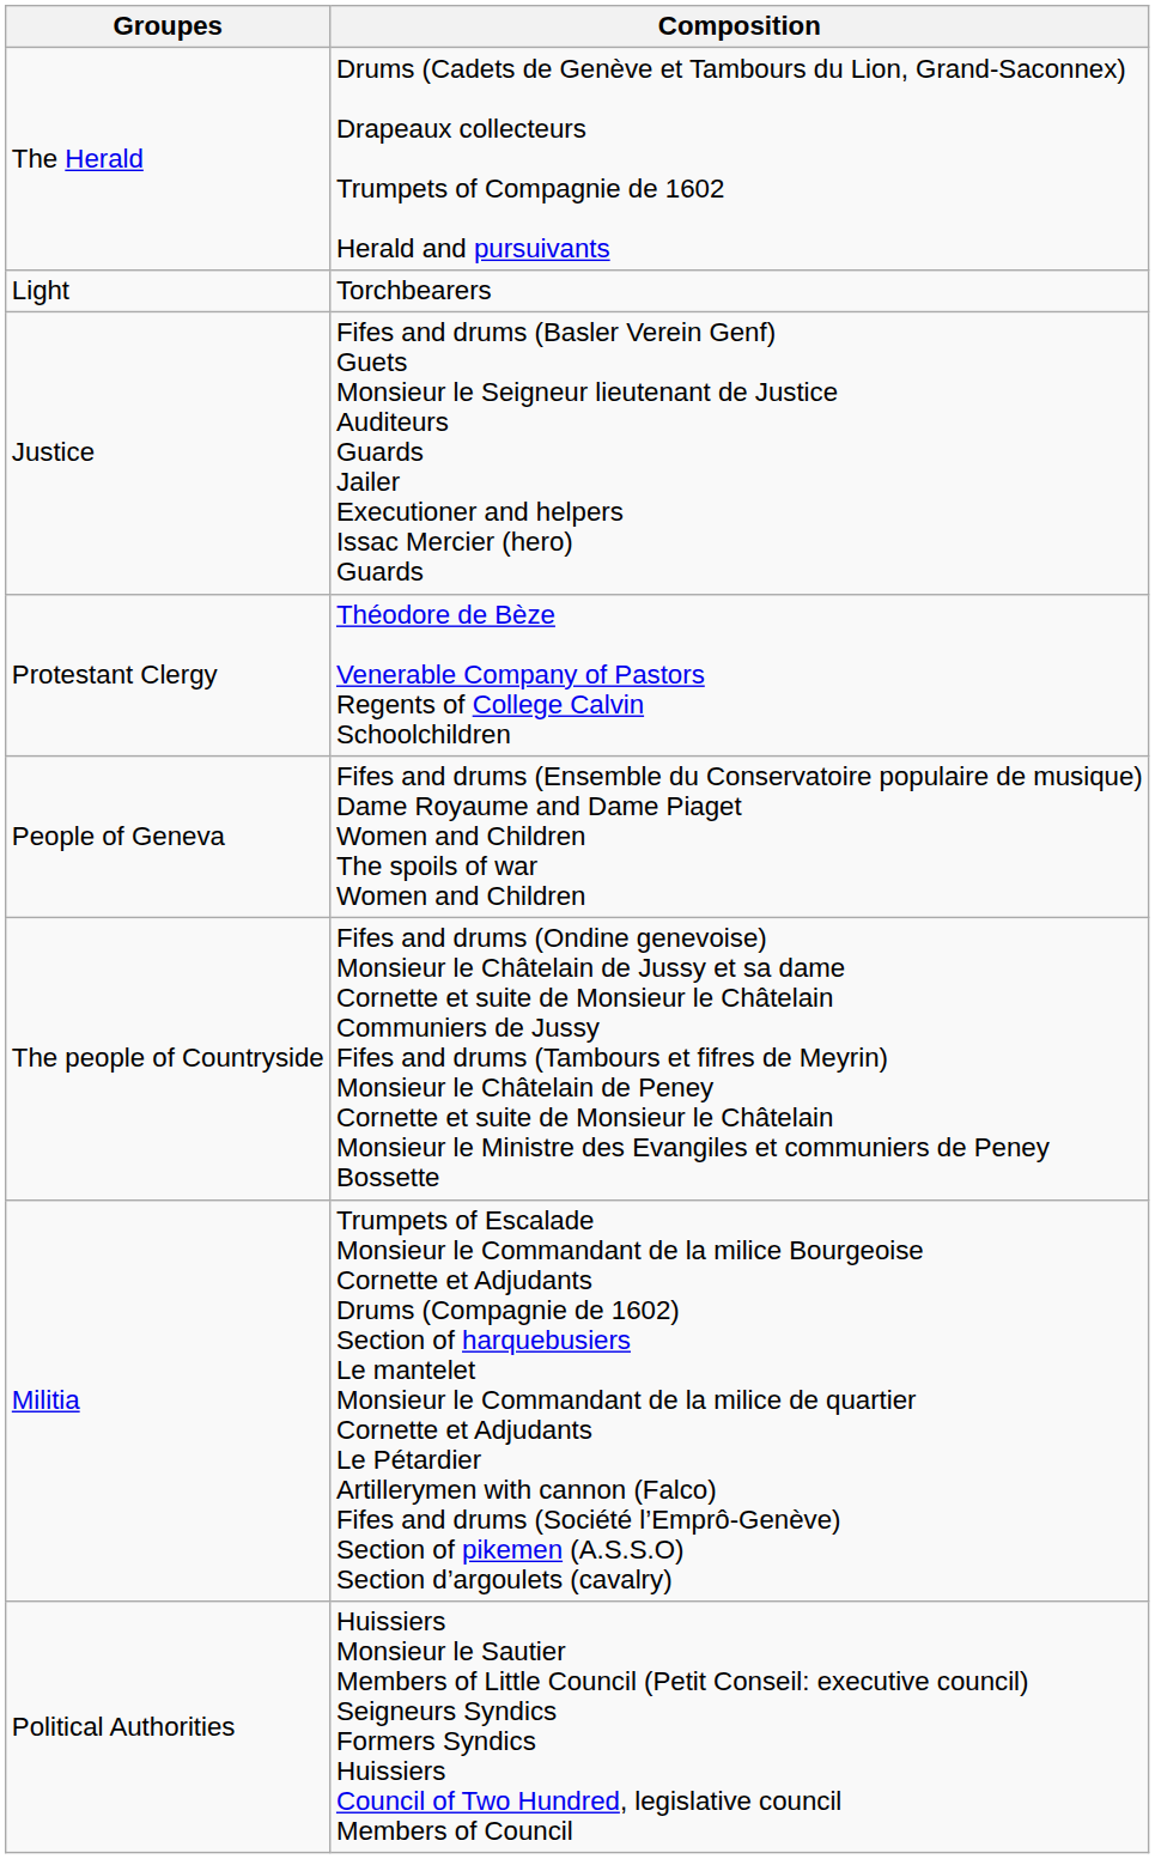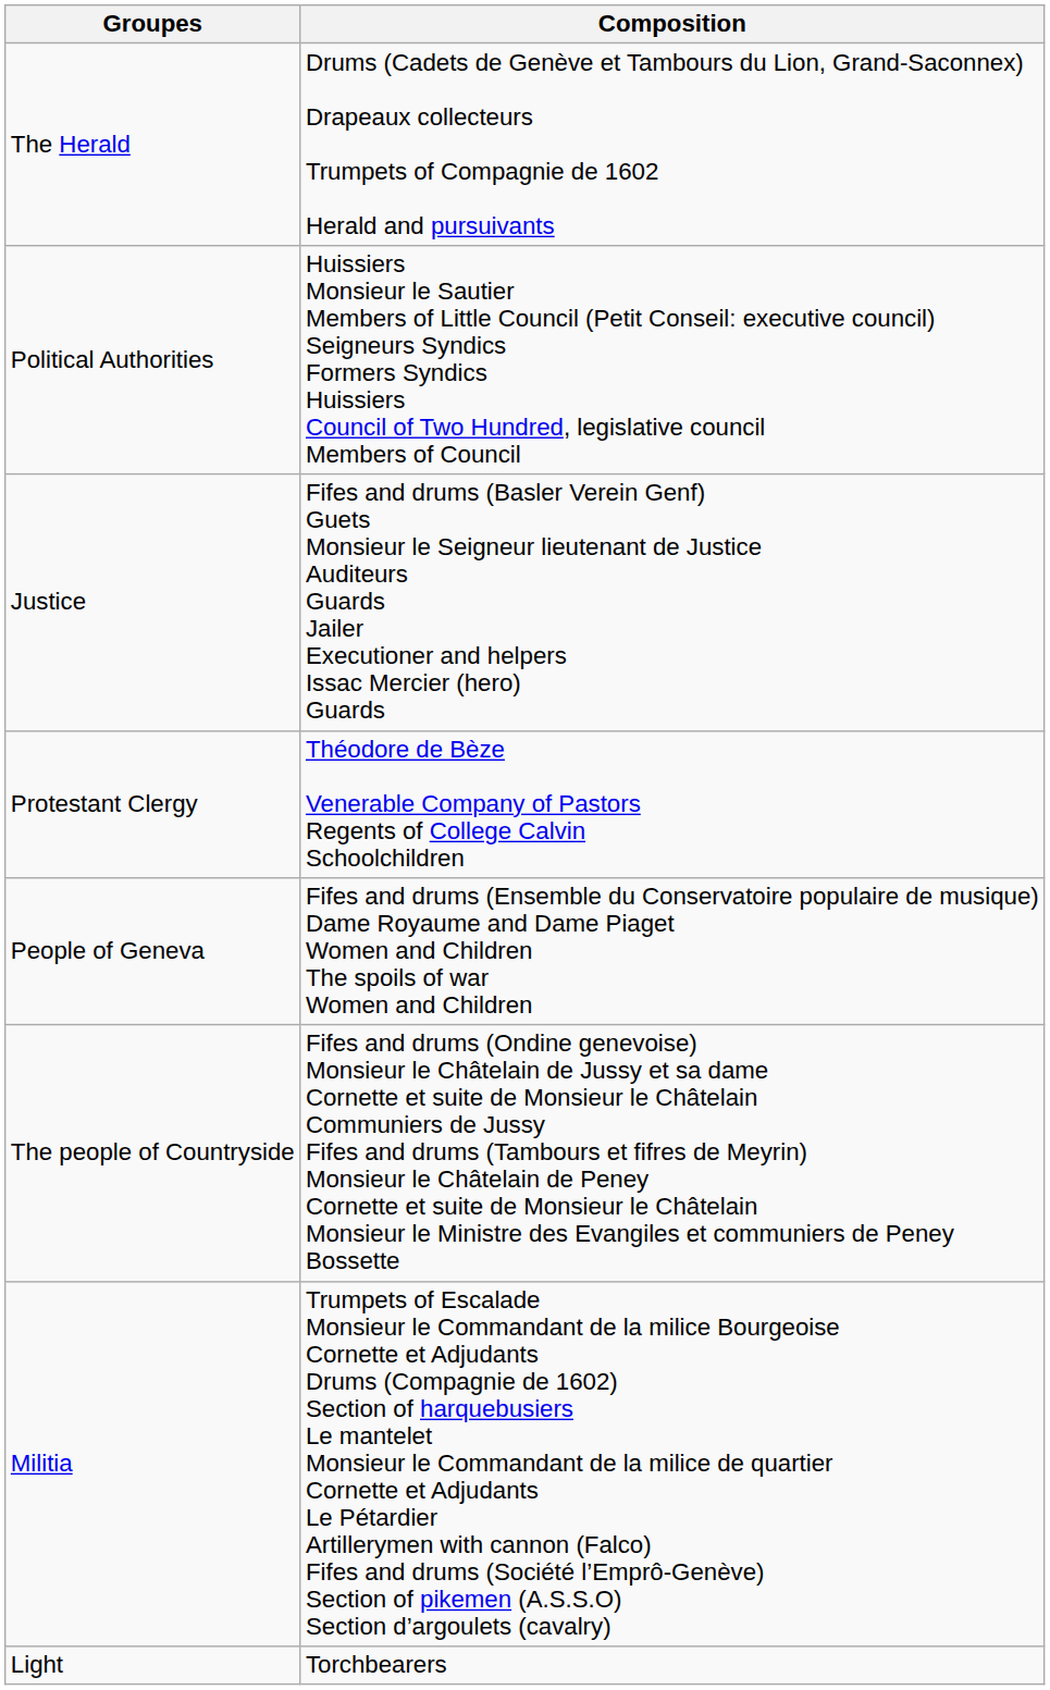 <table class="wikitable">
 <tr>
 <th>Groupes</th>
 <th>Composition<br></th>
 </tr>
 <tr>
 <td>The <a href='#'>Herald</a></td>
 <td>Drums (Cadets de Genève et Tambours du Lion, Grand-Saconnex)<br><br>Drapeaux collecteurs<br><br>Trumpets of Compagnie de 1602 <br> <br>Herald and <a href='#'>pursuivants</a></td>
 </tr>
 <tr>
-<td>Light</td>
-<td>Torchbearers </td>
+<td>Political Authorities</td>
+<td>Huissiers<br>Monsieur le Sautier<br>Members of Little Council (Petit Conseil: executive council)<br>Seigneurs Syndics<br>Formers Syndics<br>Huissiers<br><a href='#'>Council of Two Hundred</a>, legislative council<br>Members of Council</td>
 </tr>
 <tr>
 <td>Justice</td>
 <td>Fifes and drums (Basler Verein Genf)  <br>Guets <br>  Monsieur le Seigneur lieutenant de Justice <br>  Auditeurs <br>  Guards <br>  Jailer <br>  Executioner and helpers <br>  Issac Mercier (hero) <br>  Guards <br></td>
 </tr>
 <tr>
 <td>Protestant Clergy</td>
 <td><a href='#'>Théodore de Bèze</a> <br><br><a href='#'>Venerable Company of Pastors</a> <br>  Regents of <a href='#'>College Calvin</a> <br>  Schoolchildren <br></td>
 </tr>
 <tr>
 <td>People of Geneva</td>
 <td>Fifes and drums (Ensemble du Conservatoire populaire de musique)<br>Dame Royaume and Dame Piaget <br>  Women and Children <br>  The spoils of war <br>  Women and Children <br></td>
 </tr>
 <tr>
 <td>The people of Countryside</td>
 <td>Fifes and drums (Ondine genevoise)<br>Monsieur le Châtelain de Jussy et sa dame <br>  Cornette et suite de Monsieur le Châtelain <br>  Communiers de Jussy <br>  Fifes and drums (Tambours et fifres de Meyrin) <br>  Monsieur le Châtelain de Peney <br>  Cornette et suite de Monsieur le Châtelain <br>  Monsieur le Ministre des Evangiles et communiers de Peney <br>  Bossette <br></td>
 </tr>
 <tr>
 <td><a href='#'>Militia</a></td>
 <td>Trumpets of Escalade<br>Monsieur le Commandant de la milice Bourgeoise <br>  Cornette et Adjudants <br>  Drums (Compagnie de 1602) <br>    Section of <a href='#'>harquebusiers</a> <br>   Le mantelet <br>  Monsieur le Commandant de la milice de quartier <br>  Cornette et Adjudants <br>  Le Pétardier <br>  Artillerymen with cannon (Falco) <br>  Fifes and drums (Société l’Emprô-Genève) <br>  Section of <a href='#'>pikemen</a> (A.S.S.O) <br>  Section d’argoulets (cavalry) <br></td>
 </tr>
 <tr>
-<td>Political Authorities</td>
-<td>Huissiers<br>Monsieur le Sautier<br>Members of Little Council (Petit Conseil: executive council)<br>Seigneurs Syndics<br>Formers Syndics<br>Huissiers<br><a href='#'>Council of Two Hundred</a>, legislative council<br>Members of Council</td>
+<td>Light</td>
+<td>Torchbearers </td>
 </tr>
 </table>
